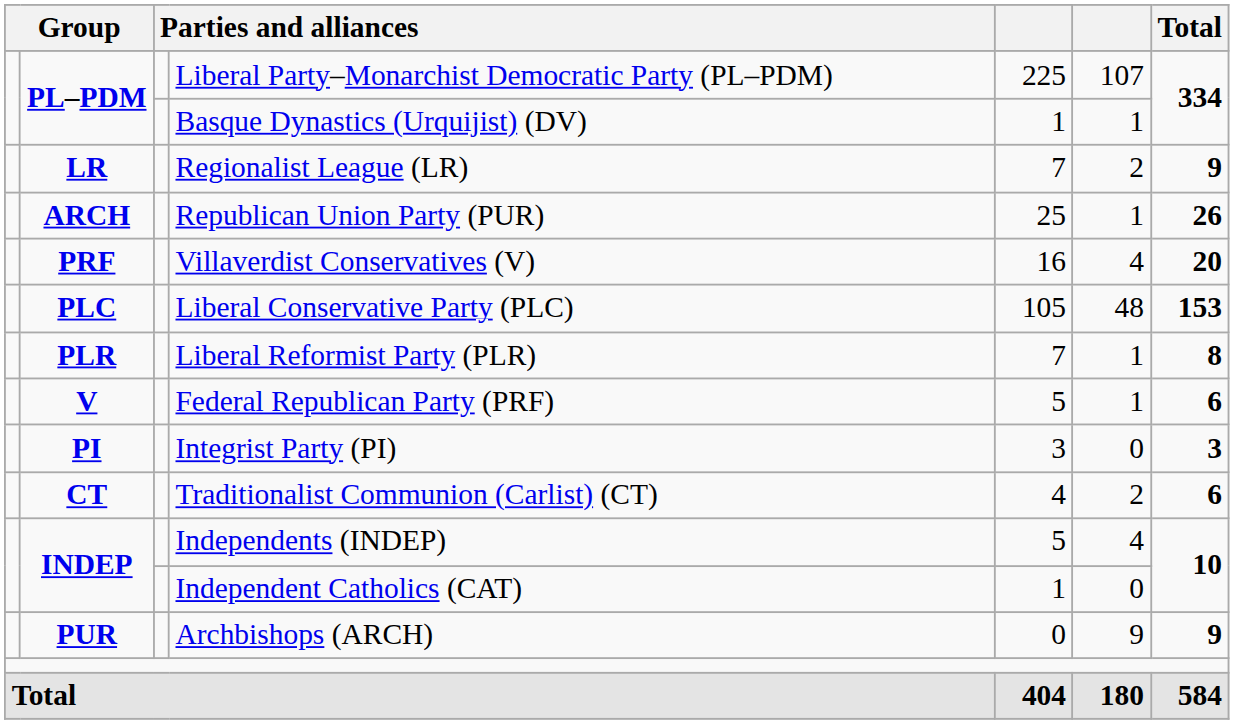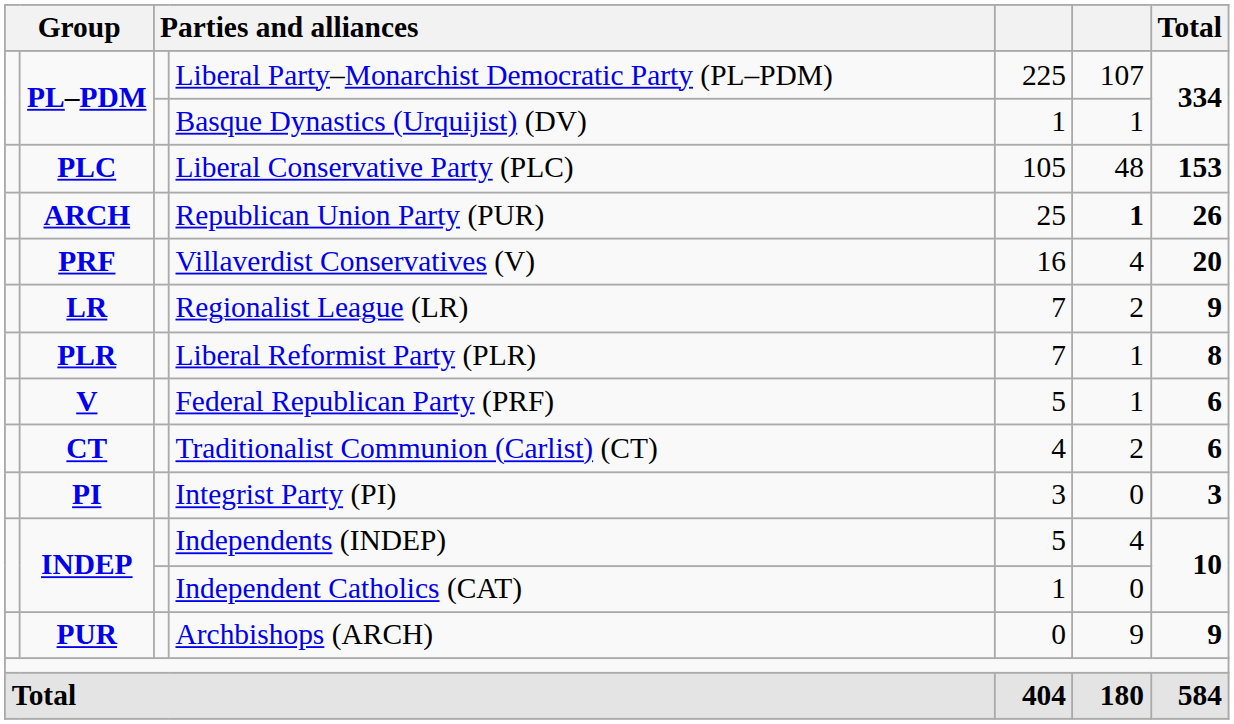 <table class="wikitable" style="text-align:right;">
 <tr>
 <th colspan="2" width="65">Group</th>
 <th style="text-align:left;" colspan="2" width="450">Parties and alliances</th>
 <th width="35"></th>
 <th width="35"></th>
 <th width="35">Total</th>
 </tr>
 <tr>
 <td rowspan="2" width="1"></td>
 <td rowspan="2" align="center"><strong><a href='#'>PL</a>–<a href='#'>PDM</a></strong></td>
 <td width="1" style="color:inherit;background:"></td>
 <td align="left"><a href='#'>Liberal Party</a>–<a href='#'>Monarchist Democratic Party</a> (PL–PDM)</td>
 <td>225</td>
 <td>107</td>
 <td rowspan="2"><strong>334</strong></td>
 </tr>
 <tr>
 <td style="color:inherit;background:"></td>
 <td align="left"><a href='#'>Basque Dynastics (Urquijist)</a> (DV)</td>
 <td>1</td>
 <td>1</td>
 </tr>
 <tr>
 <td style="color:inherit;background:"></td>
-<td align="center"><strong><a href='#'>LR</a></strong></td>
+<td align="center"><strong><a href='#'>PLC</a></strong></td>
 <td style="color:inherit;background:"></td>
-<td align="left"><a href='#'>Regionalist League</a> (LR)</td>
-<td>7</td>
-<td>2</td>
-<td><strong>9</strong></td>
+<td align="left"><a href='#'>Liberal Conservative Party</a> (PLC)</td>
+<td>105</td>
+<td>48</td>
+<td><strong>153</strong></td>
 </tr>
 <tr>
 <td style="color:inherit;background:"></td>
 <td align="center"><strong><a href='#'>ARCH</a></strong></td>
 <td style="color:inherit;background:"></td>
 <td align="left"><a href='#'>Republican Union Party</a> (PUR)</td>
 <td>25</td>
-<td>1</td>
+<td><strong>1</strong></td>
 <td><strong>26</strong></td>
 </tr>
 <tr>
 <td style="color:inherit;background:"></td>
 <td align="center"><strong><a href='#'>PRF</a></strong></td>
 <td style="color:inherit;background:"></td>
 <td align="left"><a href='#'>Villaverdist Conservatives</a> (V)</td>
 <td>16</td>
 <td>4</td>
 <td><strong>20</strong></td>
 </tr>
 <tr>
 <td style="color:inherit;background:"></td>
-<td align="center"><strong><a href='#'>PLC</a></strong></td>
+<td align="center"><strong><a href='#'>LR</a></strong></td>
 <td style="color:inherit;background:"></td>
-<td align="left"><a href='#'>Liberal Conservative Party</a> (PLC)</td>
-<td>105</td>
-<td>48</td>
-<td><strong>153</strong></td>
+<td align="left"><a href='#'>Regionalist League</a> (LR)</td>
+<td>7</td>
+<td>2</td>
+<td><strong>9</strong></td>
 </tr>
 <tr>
 <td style="color:inherit;background:"></td>
 <td align="center"><strong><a href='#'>PLR</a></strong></td>
 <td style="color:inherit;background:"></td>
 <td align="left"><a href='#'>Liberal Reformist Party</a> (PLR)</td>
 <td>7</td>
 <td>1</td>
 <td><strong>8</strong></td>
 </tr>
 <tr>
 <td style="color:inherit;background:"></td>
 <td align="center"><strong><a href='#'>V</a></strong></td>
 <td style="color:inherit;background:"></td>
 <td align="left"><a href='#'>Federal Republican Party</a> (PRF)</td>
 <td>5</td>
 <td>1</td>
 <td><strong>6</strong></td>
 </tr>
 <tr>
 <td style="color:inherit;background:"></td>
+<td align="center"><strong><a href='#'>CT</a></strong></td>
+<td style="color:inherit;background:"></td>
+<td align="left"><a href='#'>Traditionalist Communion (Carlist)</a> (CT)</td>
+<td>4</td>
+<td>2</td>
+<td><strong>6</strong></td>
+</tr>
+<tr>
+<td style="color:inherit;background:"></td>
 <td align="center"><strong><a href='#'>PI</a></strong></td>
 <td style="color:inherit;background:"></td>
 <td align="left"><a href='#'>Integrist Party</a> (PI)</td>
 <td>3</td>
 <td>0</td>
 <td><strong>3</strong></td>
-</tr>
-<tr>
-<td style="color:inherit;background:"></td>
-<td align="center"><strong><a href='#'>CT</a></strong></td>
-<td style="color:inherit;background:"></td>
-<td align="left"><a href='#'>Traditionalist Communion (Carlist)</a> (CT)</td>
-<td>4</td>
-<td>2</td>
-<td><strong>6</strong></td>
 </tr>
 <tr>
 <td rowspan="2" style="color:inherit;background:"></td>
 <td rowspan="2" align="center"><strong><a href='#'>INDEP</a></strong></td>
 <td style="color:inherit;background:"></td>
 <td align="left"><a href='#'>Independents</a> (INDEP)</td>
 <td>5</td>
 <td>4</td>
 <td rowspan="2"><strong>10</strong></td>
 </tr>
 <tr>
 <td style="color:inherit;background:"></td>
 <td align="left"><a href='#'>Independent Catholics</a> (CAT)</td>
 <td>1</td>
 <td>0</td>
 </tr>
 <tr>
 <td style="color:inherit;background:"></td>
 <td align="center"><strong><a href='#'>PUR</a></strong></td>
 <td style="color:inherit;background:"></td>
 <td align="left"><a href='#'>Archbishops</a> (ARCH)</td>
 <td>0</td>
 <td>9</td>
 <td><strong>9</strong></td>
 </tr>
 <tr>
 <td colspan="7"></td>
 </tr>
 <tr style="background:#E4E4E4; font-weight:bold;">
 <td align="left" colspan="4">Total</td>
 <td>404</td>
 <td>180</td>
 <td>584</td>
 </tr>
 </table>
